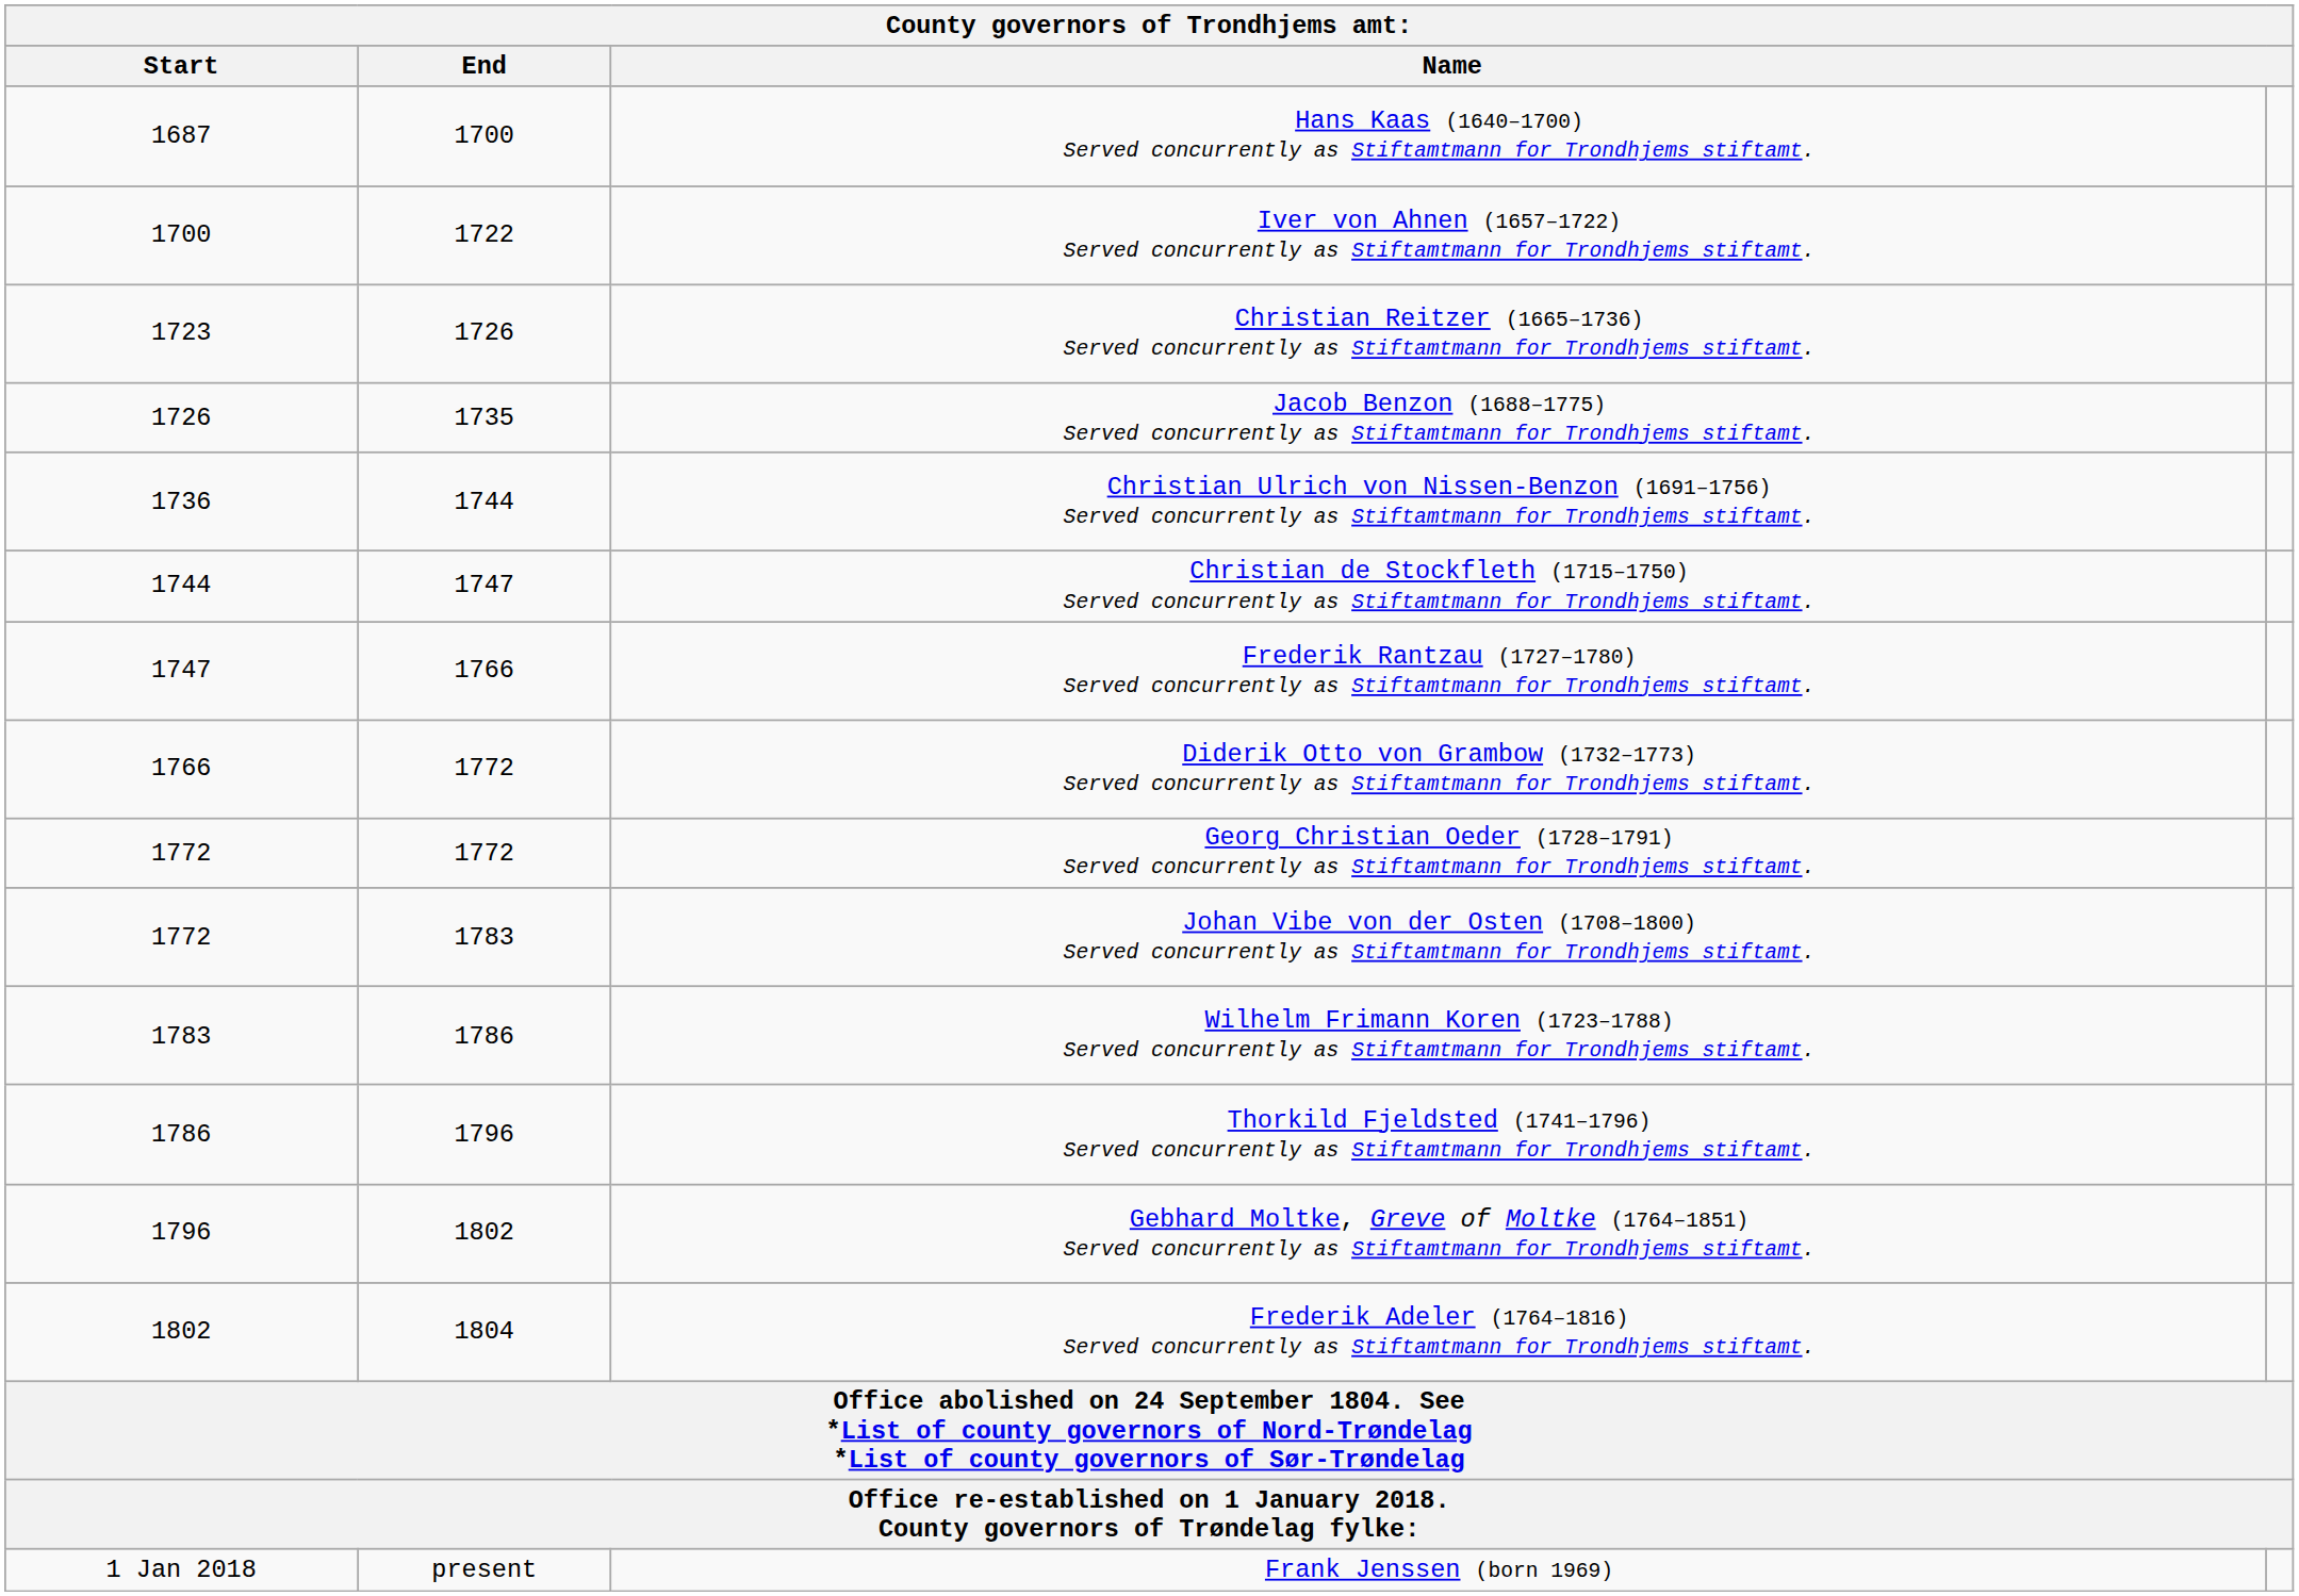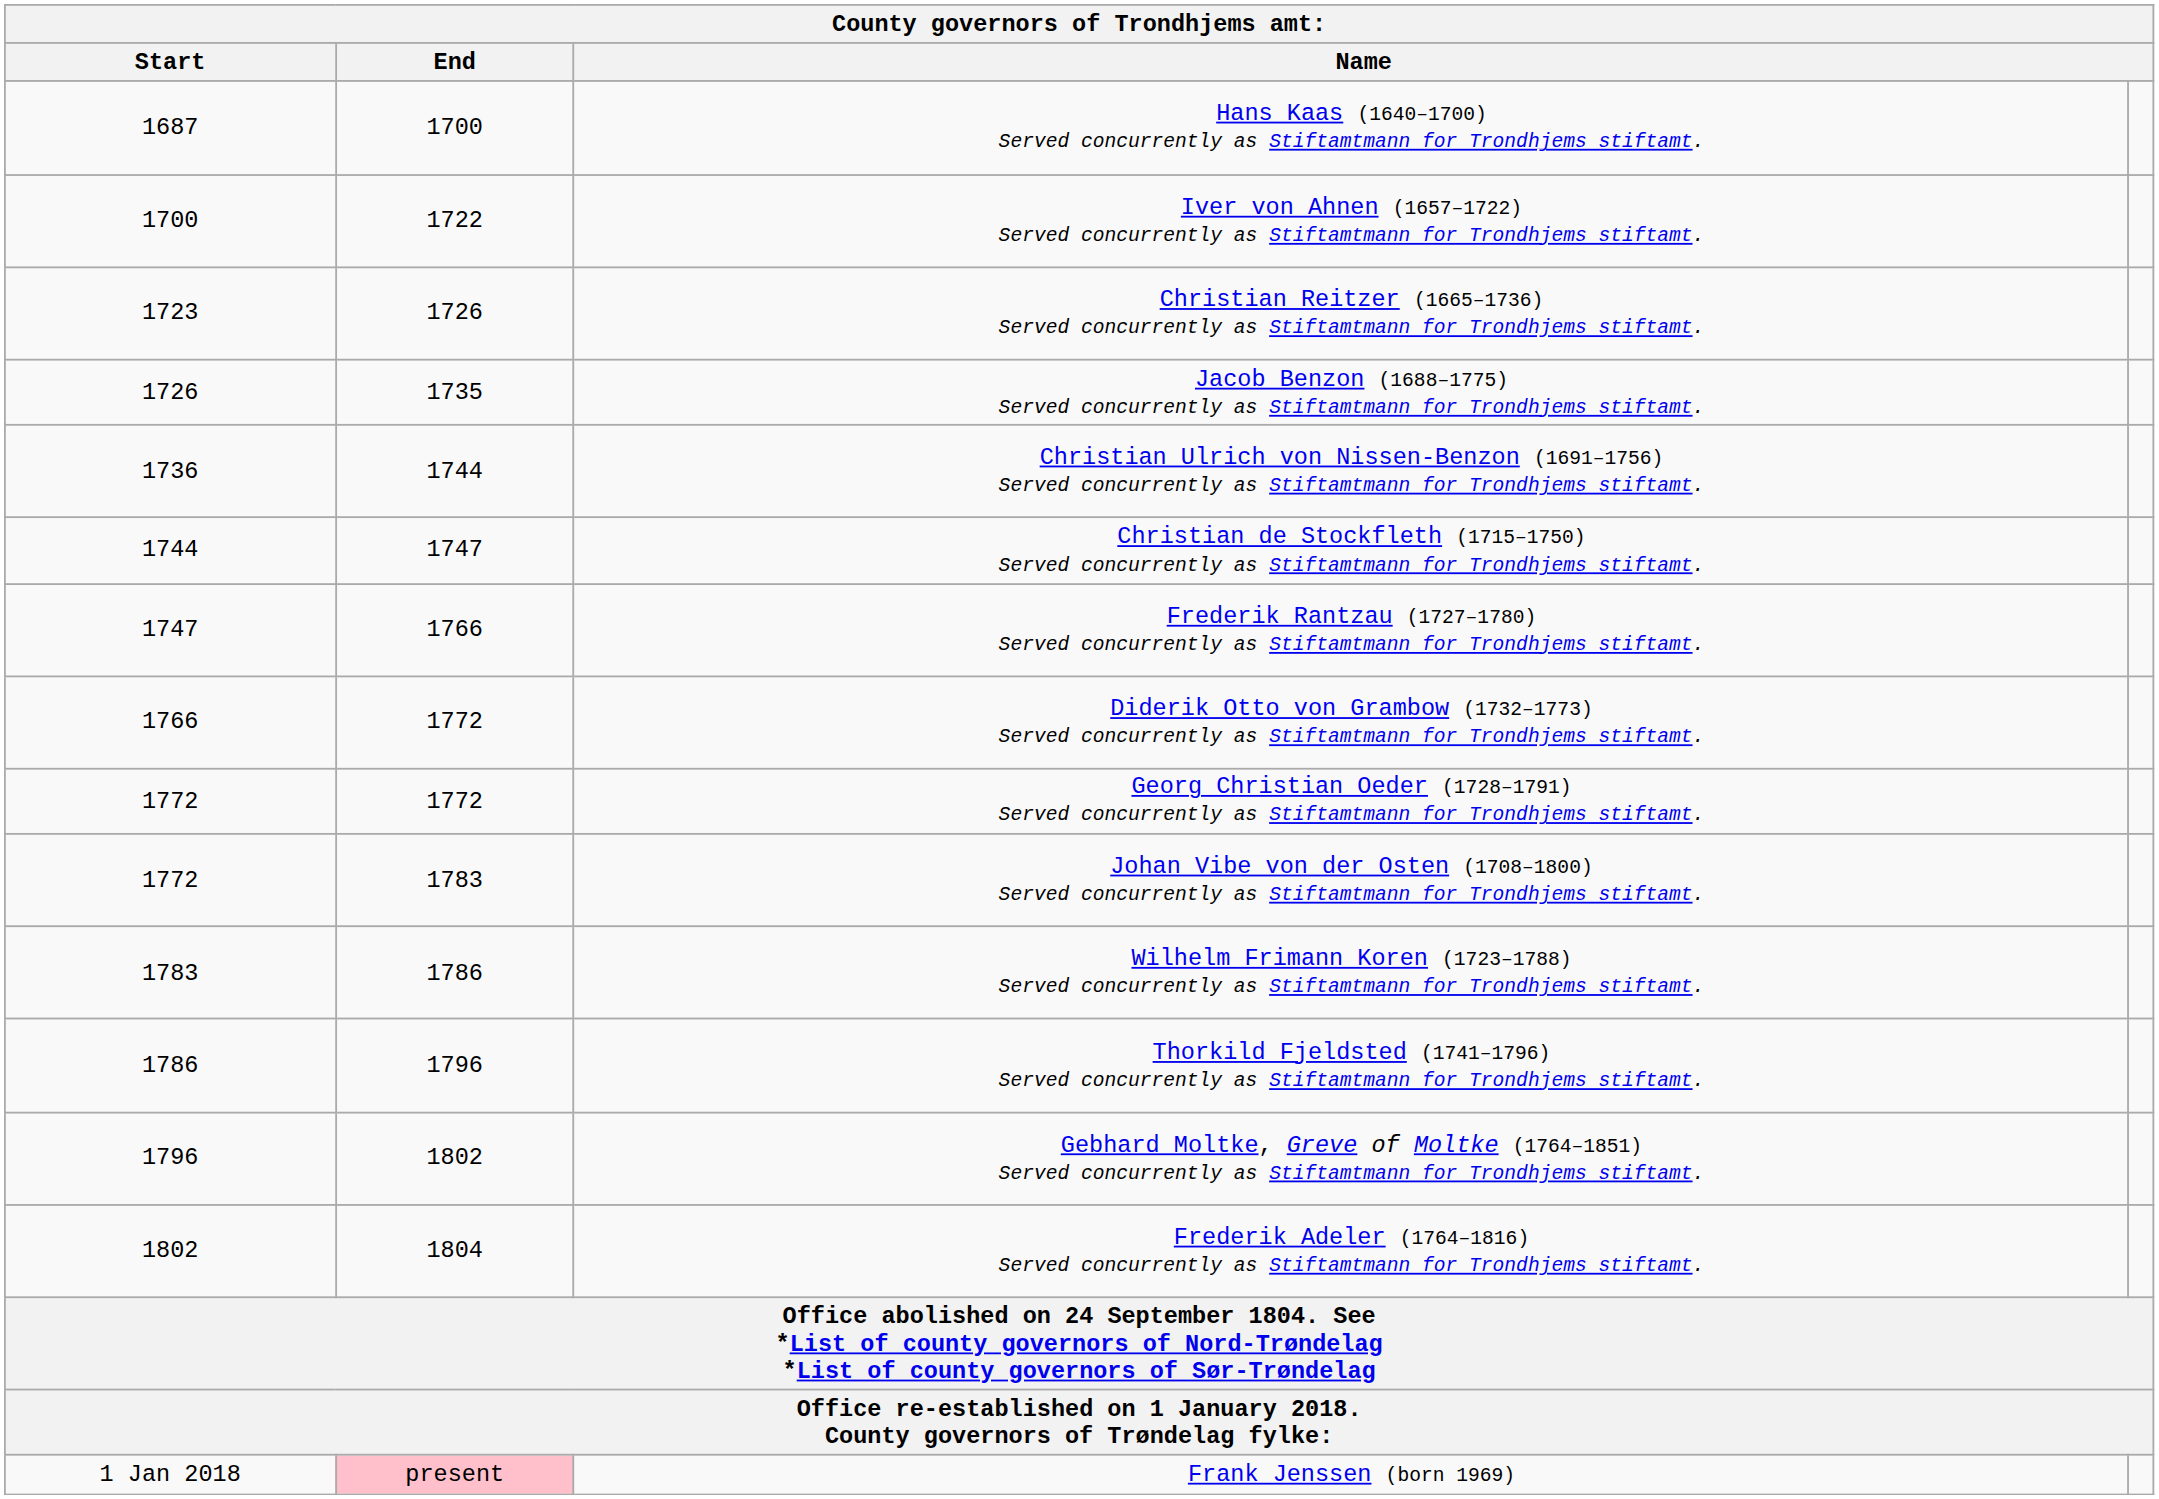 <table class="wikitable" style="text-align:center; width:75%;">
 <tr>
 <th colspan=5>County governors of Trondhjems amt:</th>
 </tr>
 <tr>
 <th>Start</th>
 <th>End</th>
 <th colspan="2">Name</th>
 </tr>
 <tr>
 <td>1687</td>
 <td>1700</td>
 <td><a href='#'>Hans Kaas</a> <small>(1640–1700)<br><em>Served concurrently as <a href='#'>Stiftamtmann for Trondhjems stiftamt</a>.</em></small></td>
 <td><br><br><br></td>
 </tr>
 <tr>
 <td>1700</td>
 <td>1722</td>
 <td><a href='#'>Iver von Ahnen</a> <small>(1657–1722)<br><em>Served concurrently as <a href='#'>Stiftamtmann for Trondhjems stiftamt</a>.</em></small></td>
 <td><br><br><br></td>
 </tr>
 <tr>
 <td>1723</td>
 <td>1726</td>
 <td><a href='#'>Christian Reitzer</a> <small>(1665–1736)<br><em>Served concurrently as <a href='#'>Stiftamtmann for Trondhjems stiftamt</a>.</em></small></td>
 <td><br><br><br></td>
 </tr>
 <tr>
 <td>1726</td>
 <td>1735</td>
 <td><a href='#'>Jacob Benzon</a> <small>(1688–1775)<br><em>Served concurrently as <a href='#'>Stiftamtmann for Trondhjems stiftamt</a>.</em></small></td>
 <td></td>
 </tr>
 <tr>
 <td>1736</td>
 <td>1744</td>
 <td><a href='#'>Christian Ulrich von Nissen-Benzon</a> <small>(1691–1756)<br><em>Served concurrently as <a href='#'>Stiftamtmann for Trondhjems stiftamt</a>.</em></small></td>
 <td><br><br><br></td>
 </tr>
 <tr>
 <td>1744</td>
 <td>1747</td>
 <td><a href='#'>Christian de Stockfleth</a> <small>(1715–1750)<br><em>Served concurrently as <a href='#'>Stiftamtmann for Trondhjems stiftamt</a>.</em></small></td>
 <td></td>
 </tr>
 <tr>
 <td>1747</td>
 <td>1766</td>
 <td><a href='#'>Frederik Rantzau</a> <small>(1727–1780)<br><em>Served concurrently as <a href='#'>Stiftamtmann for Trondhjems stiftamt</a>.</em></small></td>
 <td><br><br><br></td>
 </tr>
 <tr>
 <td>1766</td>
 <td>1772</td>
 <td><a href='#'>Diderik Otto von Grambow</a> <small>(1732–1773)<br><em>Served concurrently as <a href='#'>Stiftamtmann for Trondhjems stiftamt</a>.</em></small></td>
 <td><br><br><br></td>
 </tr>
 <tr>
 <td>1772</td>
 <td>1772</td>
 <td><a href='#'>Georg Christian Oeder</a> <small>(1728–1791)<br><em>Served concurrently as <a href='#'>Stiftamtmann for Trondhjems stiftamt</a>.</em></small></td>
 <td></td>
 </tr>
 <tr>
 <td>1772</td>
 <td>1783</td>
 <td><a href='#'>Johan Vibe von der Osten</a> <small>(1708–1800)<br><em>Served concurrently as <a href='#'>Stiftamtmann for Trondhjems stiftamt</a>.</em></small></td>
 <td><br><br><br></td>
 </tr>
 <tr>
 <td>1783</td>
 <td>1786</td>
 <td><a href='#'>Wilhelm Frimann Koren</a> <small>(1723–1788)<br><em>Served concurrently as <a href='#'>Stiftamtmann for Trondhjems stiftamt</a>.</em></small></td>
 <td><br><br><br></td>
 </tr>
 <tr>
 <td>1786</td>
 <td>1796</td>
 <td><a href='#'>Thorkild Fjeldsted</a> <small>(1741–1796)<br><em>Served concurrently as <a href='#'>Stiftamtmann for Trondhjems stiftamt</a>.</em></small></td>
 <td><br><br><br></td>
 </tr>
 <tr>
 <td>1796</td>
 <td>1802</td>
 <td><a href='#'>Gebhard Moltke</a>, <em><a href='#'>Greve</a> of <a href='#'>Moltke</a></em> <small>(1764–1851)<br><em>Served concurrently as <a href='#'>Stiftamtmann for Trondhjems stiftamt</a>.</em></small></td>
 <td><br><br><br></td>
 </tr>
 <tr>
 <td>1802</td>
 <td>1804</td>
 <td><a href='#'>Frederik Adeler</a> <small>(1764–1816)<br><em>Served concurrently as <a href='#'>Stiftamtmann for Trondhjems stiftamt</a>.</em></small></td>
 <td><br><br><br></td>
 </tr>
 <tr>
 <th colspan="5">Office abolished on 24 September 1804. See <br>*<a href='#'>List of county governors of Nord-Trøndelag</a><br>*<a href='#'>List of county governors of Sør-Trøndelag</a></th>
 </tr>
 <tr>
 <th colspan="5">Office re-established on 1 January 2018.<br>County governors of Trøndelag fylke:</th>
 </tr>
 <tr>
 <td>1 Jan 2018</td>
-<td>present</td>
+<td style="background: pink;">present</td>
 <td><a href='#'>Frank Jenssen</a> <small>(born 1969)</small></td>
 <td></td>
 </tr>
 </table>
